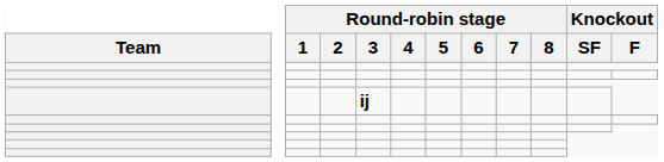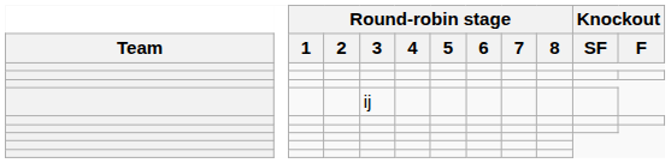 <table class="wikitable" style="border:none">
 <tr>
 <td style="background:white; border:none"></td>
 <td rowspan="11" style="width:5px; border:none; background:white;"></td>
 <th colspan="8">Round-robin stage</th>
 <th colspan="2">Knockout</th>
 </tr>
 <tr>
 <th style="width:230px; vertical-align:center;">Team</th>
 <th style="width:24px">1</th>
 <th style="width:24px">2</th>
 <th style="width:24px">3</th>
 <th style="width:24px">4</th>
 <th style="width:24px">5</th>
 <th style="width:24px">6</th>
 <th style="width:24px">7</th>
 <th style="width:24px">8</th>
 <th style="width:24px">SF</th>
 <th style="width:24px">F</th>
 </tr>
 <tr>
 <th style="text-align:left;"></th>
 <td></td>
 <td></td>
 <td></td>
 <td></td>
 <td></td>
 <td></td>
 <td></td>
 <td></td>
 </tr>
 <tr>
 <th style="text-align:left;"></th>
 <td></td>
 <td></td>
 <td></td>
 <td></td>
 <td></td>
 <td></td>
 <td></td>
 <td></td>
 <td></td>
 <td></td>
 </tr>
 <tr>
 <th style="text-align:left;"></th>
 <td></td>
 <td></td>
 <td></td>
 <td></td>
 <td></td>
 <td></td>
 <td></td>
 <td></td>
 </tr>
 <tr>
 <th style="text-align:left;"></th>
 <td></td>
 <td></td>
-<td><strong>ij</strong></td>
+<td>ij</td>
 <td></td>
 <td></td>
 <td></td>
 <td></td>
 <td></td>
 <td></td>
 </tr>
 <tr>
 <th style="text-align:left;"></th>
 <td></td>
 <td></td>
 <td></td>
 <td></td>
 <td></td>
 <td></td>
 <td></td>
 <td></td>
 <td></td>
 <td></td>
 </tr>
 <tr>
 <th style="text-align:left;"></th>
 <td></td>
 <td></td>
 <td></td>
 <td></td>
 <td></td>
 <td></td>
 <td></td>
 <td></td>
 <td></td>
 </tr>
 <tr>
 <th style="text-align:left;"></th>
 <td></td>
 <td></td>
 <td></td>
 <td></td>
 <td></td>
 <td></td>
 <td></td>
 <td></td>
 </tr>
 <tr>
 <th style="text-align:left;"></th>
 <td></td>
 <td></td>
 <td></td>
 <td></td>
 <td></td>
 <td></td>
 <td></td>
 <td></td>
 </tr>
 <tr>
 <th style="text-align:left;"></th>
 <td></td>
 <td></td>
 <td></td>
 <td></td>
 <td></td>
 <td></td>
 <td></td>
 <td></td>
 </tr>
 </table>
